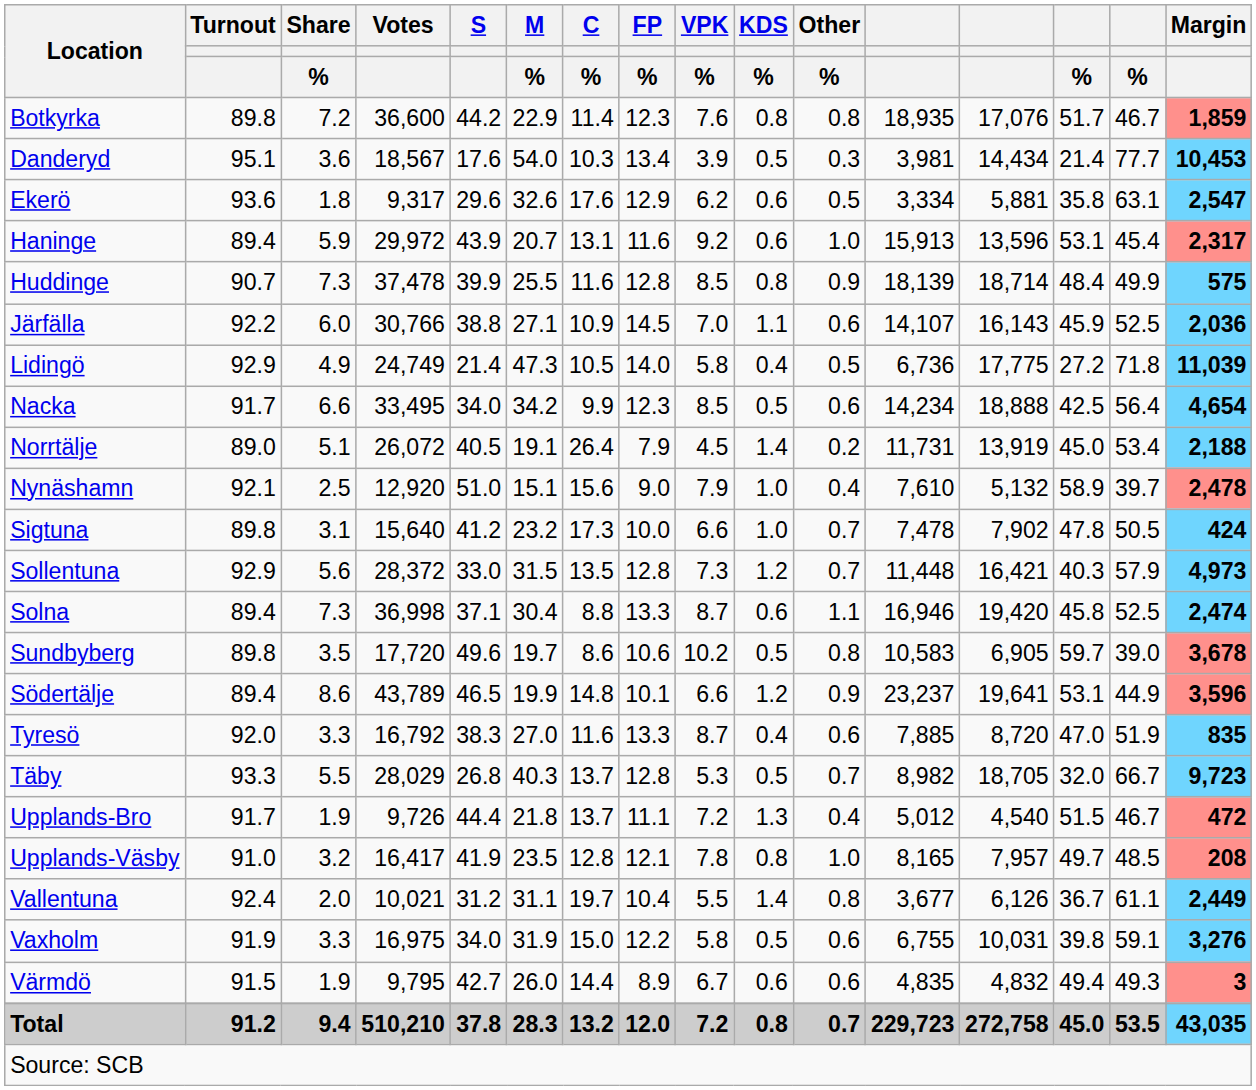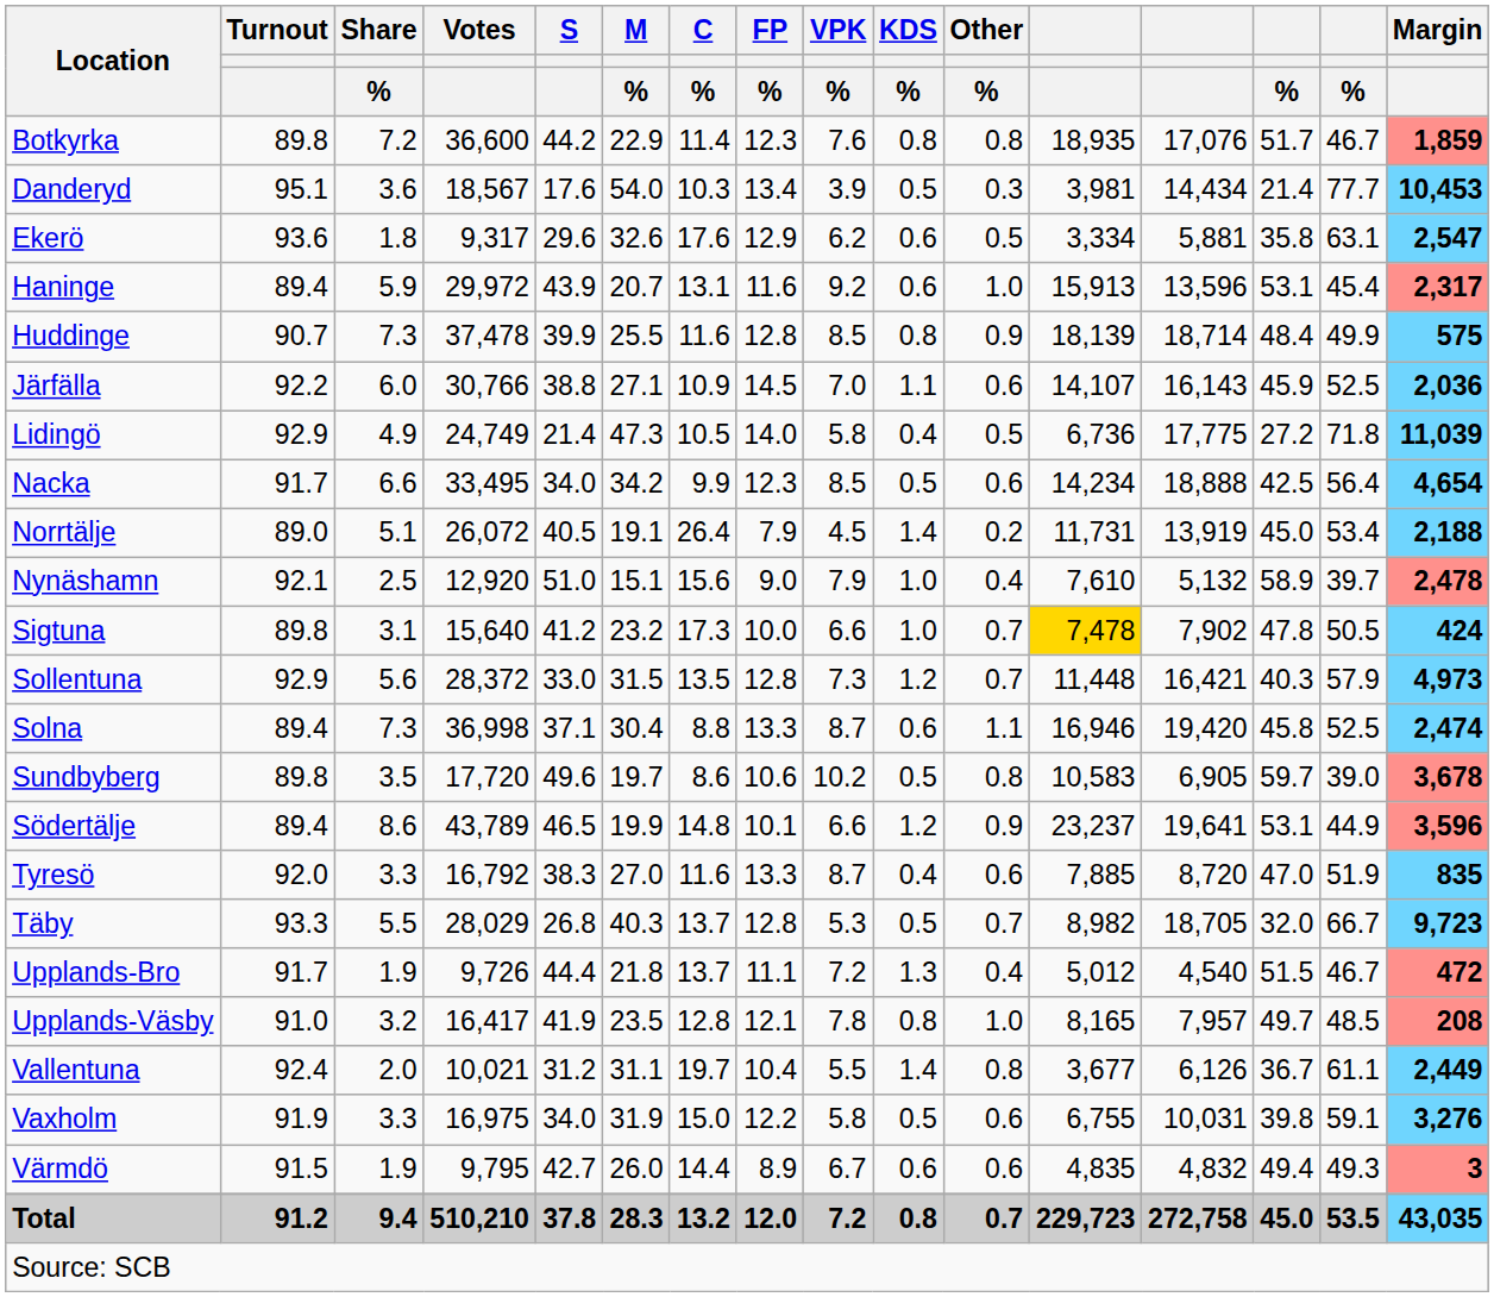 <table class="wikitable sortable" style="text-align:right; font-size:95%; line-height:20px;">
 <tr>
 <th rowspan="3">Location</th>
 <th>Turnout</th>
 <th>Share</th>
 <th>Votes</th>
 <th width="30px" class="unsortable"><a href='#'>S</a></th>
 <th width="30px" class="unsortable"><a href='#'>M</a></th>
 <th width="30px" class="unsortable"><a href='#'>C</a></th>
 <th width="30px" class="unsortable"><a href='#'>FP</a></th>
 <th width="30px" class="unsortable"><a href='#'>VPK</a></th>
 <th width="30px" class="unsortable"><a href='#'>KDS</a></th>
 <th width="30px" class="unsortable">Other</th>
 <th></th>
 <th></th>
 <th></th>
 <th></th>
 <th>Margin</th>
 </tr>
 <tr>
 <th></th>
 <th></th>
 <th></th>
 <th style="background:"></th>
 <th style="background:"></th>
 <th style="background:"></th>
 <th style="background:"></th>
 <th style="background:"></th>
 <th style="background:"></th>
 <th style="background:"></th>
 <th style="background:"></th>
 <th style="background:"></th>
 <th style="background:"></th>
 <th style="background:"></th>
 <th></th>
 </tr>
 <tr>
 <th></th>
 <th data-sort-type="number">%</th>
 <th data-sort-type="number"></th>
 <th></th>
 <th data-sort-type="number">%</th>
 <th data-sort-type="number">%</th>
 <th data-sort-type="number">%</th>
 <th data-sort-type="number">%</th>
 <th data-sort-type="number">%</th>
 <th data-sort-type="number">%</th>
 <th data-sort-type="number"></th>
 <th data-sort-type="number"></th>
 <th data-sort-type="number">%</th>
 <th data-sort-type="number">%</th>
 <th data-sort-type="number"></th>
 </tr>
 <tr>
 <td align=left><a href='#'>Botkyrka</a></td>
 <td>89.8</td>
 <td>7.2</td>
 <td>36,600</td>
 <td>44.2</td>
 <td>22.9</td>
 <td>11.4</td>
 <td>12.3</td>
 <td>7.6</td>
 <td>0.8</td>
 <td>0.8</td>
 <td>18,935</td>
 <td>17,076</td>
 <td>51.7</td>
 <td>46.7</td>
 <td bgcolor=#ff908c><strong>1,859</strong></td>
 </tr>
 <tr>
 <td align=left><a href='#'>Danderyd</a></td>
 <td>95.1</td>
 <td>3.6</td>
 <td>18,567</td>
 <td>17.6</td>
 <td>54.0</td>
 <td>10.3</td>
 <td>13.4</td>
 <td>3.9</td>
 <td>0.5</td>
 <td>0.3</td>
 <td>3,981</td>
 <td>14,434</td>
 <td>21.4</td>
 <td>77.7</td>
 <td bgcolor=#6fd5fe><strong>10,453</strong></td>
 </tr>
 <tr>
 <td align=left><a href='#'>Ekerö</a></td>
 <td>93.6</td>
 <td>1.8</td>
 <td>9,317</td>
 <td>29.6</td>
 <td>32.6</td>
 <td>17.6</td>
 <td>12.9</td>
 <td>6.2</td>
 <td>0.6</td>
 <td>0.5</td>
 <td>3,334</td>
 <td>5,881</td>
 <td>35.8</td>
 <td>63.1</td>
 <td bgcolor=#6fd5fe><strong>2,547</strong></td>
 </tr>
 <tr>
 <td align=left><a href='#'>Haninge</a></td>
 <td>89.4</td>
 <td>5.9</td>
 <td>29,972</td>
 <td>43.9</td>
 <td>20.7</td>
 <td>13.1</td>
 <td>11.6</td>
 <td>9.2</td>
 <td>0.6</td>
 <td>1.0</td>
 <td>15,913</td>
 <td>13,596</td>
 <td>53.1</td>
 <td>45.4</td>
 <td bgcolor=#ff908c><strong>2,317</strong></td>
 </tr>
 <tr>
 <td align=left><a href='#'>Huddinge</a></td>
 <td>90.7</td>
 <td>7.3</td>
 <td>37,478</td>
 <td>39.9</td>
 <td>25.5</td>
 <td>11.6</td>
 <td>12.8</td>
 <td>8.5</td>
 <td>0.8</td>
 <td>0.9</td>
 <td>18,139</td>
 <td>18,714</td>
 <td>48.4</td>
 <td>49.9</td>
 <td bgcolor=#6fd5fe><strong>575</strong></td>
 </tr>
 <tr>
 <td align=left><a href='#'>Järfälla</a></td>
 <td>92.2</td>
 <td>6.0</td>
 <td>30,766</td>
 <td>38.8</td>
 <td>27.1</td>
 <td>10.9</td>
 <td>14.5</td>
 <td>7.0</td>
 <td>1.1</td>
 <td>0.6</td>
 <td>14,107</td>
 <td>16,143</td>
 <td>45.9</td>
 <td>52.5</td>
 <td bgcolor=#6fd5fe><strong>2,036</strong></td>
 </tr>
 <tr>
 <td align=left><a href='#'>Lidingö</a></td>
 <td>92.9</td>
 <td>4.9</td>
 <td>24,749</td>
 <td>21.4</td>
 <td>47.3</td>
 <td>10.5</td>
 <td>14.0</td>
 <td>5.8</td>
 <td>0.4</td>
 <td>0.5</td>
 <td>6,736</td>
 <td>17,775</td>
 <td>27.2</td>
 <td>71.8</td>
 <td bgcolor=#6fd5fe><strong>11,039</strong></td>
 </tr>
 <tr>
 <td align=left><a href='#'>Nacka</a></td>
 <td>91.7</td>
 <td>6.6</td>
 <td>33,495</td>
 <td>34.0</td>
 <td>34.2</td>
 <td>9.9</td>
 <td>12.3</td>
 <td>8.5</td>
 <td>0.5</td>
 <td>0.6</td>
 <td>14,234</td>
 <td>18,888</td>
 <td>42.5</td>
 <td>56.4</td>
 <td bgcolor=#6fd5fe><strong>4,654</strong></td>
 </tr>
 <tr>
 <td align=left><a href='#'>Norrtälje</a></td>
 <td>89.0</td>
 <td>5.1</td>
 <td>26,072</td>
 <td>40.5</td>
 <td>19.1</td>
 <td>26.4</td>
 <td>7.9</td>
 <td>4.5</td>
 <td>1.4</td>
 <td>0.2</td>
 <td>11,731</td>
 <td>13,919</td>
 <td>45.0</td>
 <td>53.4</td>
 <td bgcolor=#6fd5fe><strong>2,188</strong></td>
 </tr>
 <tr>
 <td align=left><a href='#'>Nynäshamn</a></td>
 <td>92.1</td>
 <td>2.5</td>
 <td>12,920</td>
 <td>51.0</td>
 <td>15.1</td>
 <td>15.6</td>
 <td>9.0</td>
 <td>7.9</td>
 <td>1.0</td>
 <td>0.4</td>
 <td>7,610</td>
 <td>5,132</td>
 <td>58.9</td>
 <td>39.7</td>
 <td bgcolor=#ff908c><strong>2,478</strong></td>
 </tr>
 <tr>
 <td align=left><a href='#'>Sigtuna</a></td>
 <td>89.8</td>
 <td>3.1</td>
 <td>15,640</td>
 <td>41.2</td>
 <td>23.2</td>
 <td>17.3</td>
 <td>10.0</td>
 <td>6.6</td>
 <td>1.0</td>
 <td>0.7</td>
-<td>7,478</td>
+<td style="background: gold;">7,478</td>
 <td>7,902</td>
 <td>47.8</td>
 <td>50.5</td>
 <td bgcolor=#6fd5fe><strong>424</strong></td>
 </tr>
 <tr>
 <td align=left><a href='#'>Sollentuna</a></td>
 <td>92.9</td>
 <td>5.6</td>
 <td>28,372</td>
 <td>33.0</td>
 <td>31.5</td>
 <td>13.5</td>
 <td>12.8</td>
 <td>7.3</td>
 <td>1.2</td>
 <td>0.7</td>
 <td>11,448</td>
 <td>16,421</td>
 <td>40.3</td>
 <td>57.9</td>
 <td bgcolor=#6fd5fe><strong>4,973</strong></td>
 </tr>
 <tr>
 <td align=left><a href='#'>Solna</a></td>
 <td>89.4</td>
 <td>7.3</td>
 <td>36,998</td>
 <td>37.1</td>
 <td>30.4</td>
 <td>8.8</td>
 <td>13.3</td>
 <td>8.7</td>
 <td>0.6</td>
 <td>1.1</td>
 <td>16,946</td>
 <td>19,420</td>
 <td>45.8</td>
 <td>52.5</td>
 <td bgcolor=#6fd5fe><strong>2,474</strong></td>
 </tr>
 <tr>
 <td align=left><a href='#'>Sundbyberg</a></td>
 <td>89.8</td>
 <td>3.5</td>
 <td>17,720</td>
 <td>49.6</td>
 <td>19.7</td>
 <td>8.6</td>
 <td>10.6</td>
 <td>10.2</td>
 <td>0.5</td>
 <td>0.8</td>
 <td>10,583</td>
 <td>6,905</td>
 <td>59.7</td>
 <td>39.0</td>
 <td bgcolor=#ff908c><strong>3,678</strong></td>
 </tr>
 <tr>
 <td align=left><a href='#'>Södertälje</a></td>
 <td>89.4</td>
 <td>8.6</td>
 <td>43,789</td>
 <td>46.5</td>
 <td>19.9</td>
 <td>14.8</td>
 <td>10.1</td>
 <td>6.6</td>
 <td>1.2</td>
 <td>0.9</td>
 <td>23,237</td>
 <td>19,641</td>
 <td>53.1</td>
 <td>44.9</td>
 <td bgcolor=#ff908c><strong>3,596</strong></td>
 </tr>
 <tr>
 <td align=left><a href='#'>Tyresö</a></td>
 <td>92.0</td>
 <td>3.3</td>
 <td>16,792</td>
 <td>38.3</td>
 <td>27.0</td>
 <td>11.6</td>
 <td>13.3</td>
 <td>8.7</td>
 <td>0.4</td>
 <td>0.6</td>
 <td>7,885</td>
 <td>8,720</td>
 <td>47.0</td>
 <td>51.9</td>
 <td bgcolor=#6fd5fe><strong>835</strong></td>
 </tr>
 <tr>
 <td align=left><a href='#'>Täby</a></td>
 <td>93.3</td>
 <td>5.5</td>
 <td>28,029</td>
 <td>26.8</td>
 <td>40.3</td>
 <td>13.7</td>
 <td>12.8</td>
 <td>5.3</td>
 <td>0.5</td>
 <td>0.7</td>
 <td>8,982</td>
 <td>18,705</td>
 <td>32.0</td>
 <td>66.7</td>
 <td bgcolor=#6fd5fe><strong>9,723</strong></td>
 </tr>
 <tr>
 <td align=left><a href='#'>Upplands-Bro</a></td>
 <td>91.7</td>
 <td>1.9</td>
 <td>9,726</td>
 <td>44.4</td>
 <td>21.8</td>
 <td>13.7</td>
 <td>11.1</td>
 <td>7.2</td>
 <td>1.3</td>
 <td>0.4</td>
 <td>5,012</td>
 <td>4,540</td>
 <td>51.5</td>
 <td>46.7</td>
 <td bgcolor=#ff908c><strong>472</strong></td>
 </tr>
 <tr>
 <td align=left><a href='#'>Upplands-Väsby</a></td>
 <td>91.0</td>
 <td>3.2</td>
 <td>16,417</td>
 <td>41.9</td>
 <td>23.5</td>
 <td>12.8</td>
 <td>12.1</td>
 <td>7.8</td>
 <td>0.8</td>
 <td>1.0</td>
 <td>8,165</td>
 <td>7,957</td>
 <td>49.7</td>
 <td>48.5</td>
 <td bgcolor=#ff908c><strong>208</strong></td>
 </tr>
 <tr>
 <td align=left><a href='#'>Vallentuna</a></td>
 <td>92.4</td>
 <td>2.0</td>
 <td>10,021</td>
 <td>31.2</td>
 <td>31.1</td>
 <td>19.7</td>
 <td>10.4</td>
 <td>5.5</td>
 <td>1.4</td>
 <td>0.8</td>
 <td>3,677</td>
 <td>6,126</td>
 <td>36.7</td>
 <td>61.1</td>
 <td bgcolor=#6fd5fe><strong>2,449</strong></td>
 </tr>
 <tr>
 <td align=left><a href='#'>Vaxholm</a></td>
 <td>91.9</td>
 <td>3.3</td>
 <td>16,975</td>
 <td>34.0</td>
 <td>31.9</td>
 <td>15.0</td>
 <td>12.2</td>
 <td>5.8</td>
 <td>0.5</td>
 <td>0.6</td>
 <td>6,755</td>
 <td>10,031</td>
 <td>39.8</td>
 <td>59.1</td>
 <td bgcolor=#6fd5fe><strong>3,276</strong></td>
 </tr>
 <tr>
 <td align=left><a href='#'>Värmdö</a></td>
 <td>91.5</td>
 <td>1.9</td>
 <td>9,795</td>
 <td>42.7</td>
 <td>26.0</td>
 <td>14.4</td>
 <td>8.9</td>
 <td>6.7</td>
 <td>0.6</td>
 <td>0.6</td>
 <td>4,835</td>
 <td>4,832</td>
 <td>49.4</td>
 <td>49.3</td>
 <td bgcolor=#ff908c><strong>3</strong></td>
 </tr>
 <tr>
 </tr>
 <tr style="background:#CDCDCD;">
 <td align=left><strong>Total</strong></td>
 <td><strong>91.2</strong></td>
 <td><strong>9.4</strong></td>
 <td><strong>510,210</strong></td>
 <td><strong>37.8</strong></td>
 <td><strong>28.3</strong></td>
 <td><strong>13.2</strong></td>
 <td><strong>12.0</strong></td>
 <td><strong>7.2</strong></td>
 <td><strong>0.8</strong></td>
 <td><strong>0.7</strong></td>
 <td><strong>229,723</strong></td>
 <td><strong>272,758</strong></td>
 <td><strong>45.0</strong></td>
 <td><strong>53.5</strong></td>
 <td bgcolor=#6fd5fe><strong>43,035</strong></td>
 </tr>
 <tr>
 <td align=left colspan=16>Source: SCB </td>
 </tr>
 </table>
